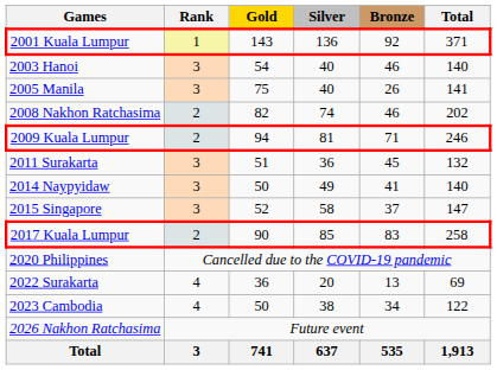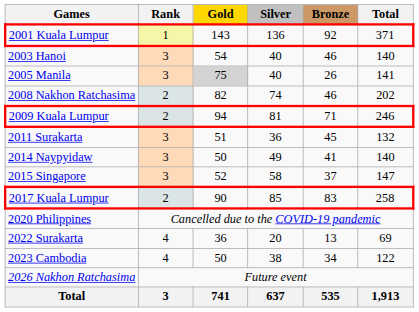 <table class="wikitable sortable" style="margin-top:0em; text-align:center; font-size:100%;">
 <tr>
 <th>Games</th>
 <th style="width:4em;">Rank</th>
 <th style="background:gold; width:4em;"><strong>Gold</strong></th>
 <th style="background:silver; width:4em;"><strong>Silver</strong></th>
 <th style="background:#cc9966; width:4em;"><strong>Bronze</strong></th>
 <th style="width:4em;">Total</th>
 </tr>
 <tr style="border: 3px solid red">
 <td align=left><a href='#'>2001 Kuala Lumpur</a></td>
 <td bgcolor=f7f6a8>1</td>
 <td>143</td>
 <td>136</td>
 <td>92</td>
 <td>371</td>
 </tr>
 <tr>
 <td align=left><a href='#'>2003 Hanoi</a></td>
 <td bgcolor=ffdab9>3</td>
 <td>54</td>
 <td>40</td>
 <td>46</td>
 <td>140</td>
 </tr>
 <tr>
 <td align=left><a href='#'>2005 Manila</a></td>
 <td bgcolor=ffdab9>3</td>
-<td>75</td>
+<td style="background: lightgrey;">75</td>
 <td>40</td>
 <td>26</td>
 <td>141</td>
 </tr>
 <tr>
 <td align=left><a href='#'>2008 Nakhon Ratchasima</a></td>
 <td bgcolor=dce5e5>2</td>
 <td>82</td>
 <td>74</td>
 <td>46</td>
 <td>202</td>
 </tr>
 <tr style="border: 3px solid red">
 <td align=left><a href='#'>2009 Kuala Lumpur</a></td>
 <td bgcolor=dce5e5>2</td>
 <td>94</td>
 <td>81</td>
 <td>71</td>
 <td>246</td>
 </tr>
 <tr>
 <td align=left><a href='#'>2011 Surakarta</a></td>
 <td bgcolor=ffdab9>3</td>
 <td>51</td>
 <td>36</td>
 <td>45</td>
 <td>132</td>
 </tr>
 <tr>
 <td align=left><a href='#'>2014 Naypyidaw</a></td>
 <td bgcolor=ffdab9>3</td>
 <td>50</td>
 <td>49</td>
 <td>41</td>
 <td>140</td>
 </tr>
 <tr>
 <td align=left><a href='#'>2015 Singapore</a></td>
 <td bgcolor=ffdab9>3</td>
 <td>52</td>
 <td>58</td>
 <td>37</td>
 <td>147</td>
 </tr>
 <tr style="border: 3px solid red">
 <td align=left><a href='#'>2017 Kuala Lumpur</a></td>
 <td bgcolor=dce5e5>2</td>
 <td>90</td>
 <td>85</td>
 <td>83</td>
 <td>258</td>
 </tr>
 <tr>
 <td align=left><a href='#'>2020 Philippines</a></td>
 <td colspan=5><em>Cancelled due to the <a href='#'>COVID-19 pandemic</a></em></td>
 </tr>
 <tr>
 <td align=left><a href='#'>2022 Surakarta</a></td>
 <td>4</td>
 <td>36</td>
 <td>20</td>
 <td>13</td>
 <td>69</td>
 </tr>
 <tr>
 <td align=left><a href='#'>2023 Cambodia</a></td>
 <td>4</td>
 <td>50</td>
 <td>38</td>
 <td>34</td>
 <td>122</td>
 </tr>
 <tr>
 <td align=left><em><a href='#'>2026 Nakhon Ratchasima</a></em></td>
 <td colspan=5><em>Future event</em></td>
 </tr>
 <tr>
 <th>Total</th>
 <th>3</th>
 <th>741</th>
 <th>637</th>
 <th>535</th>
 <th>1,913</th>
 </tr>
 </table>
